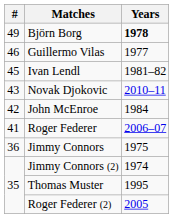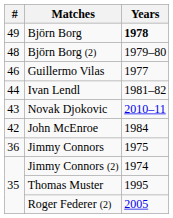 <table class="wikitable" style="display:inline-table;">
 <tr>
 <th width=20>#</th>
 <th>Matches</th>
 <th>Years</th>
 </tr>
 <tr>
 <td>49 </td>
 <td> Björn Borg</td>
 <td><strong>1978</strong></td>
 </tr>
 <tr>
+<td>48 </td>
+<td> Björn Borg <small>(2)</small></td>
+<td>1979–80</td>
+</tr>
+<tr>
 <td>46</td>
 <td> Guillermo Vilas</td>
 <td>1977</td>
 </tr>
 <tr>
-<td>45</td>
+<td>44</td>
 <td> Ivan Lendl</td>
 <td>1981–82</td>
 </tr>
 <tr>
 <td>43</td>
 <td> Novak Djokovic</td>
 <td><a href='#'>2010–11</a></td>
 </tr>
 <tr>
 <td>42</td>
 <td> John McEnroe</td>
 <td>1984</td>
-</tr>
-<tr>
-<td>41</td>
-<td> Roger Federer</td>
-<td><a href='#'>2006–07</a></td>
 </tr>
 <tr>
 <td>36</td>
 <td> Jimmy Connors</td>
 <td>1975</td>
 </tr>
 <tr>
 <td rowspan=3>35</td>
 <td> Jimmy Connors <small>(2)</small></td>
 <td>1974 </td>
 </tr>
 <tr>
 <td> Thomas Muster</td>
 <td>1995</td>
 </tr>
 <tr>
 <td> Roger Federer <small>(2)</small></td>
 <td><a href='#'>2005</a></td>
 </tr>
 </table>
